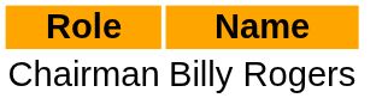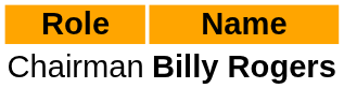 <table class="toccolours">
 <tr>
 <th style="background:orange;">Role</th>
 <th style="background:orange;">Name</th>
 </tr>
 <tr>
 <td>Chairman</td>
-<td> Billy Rogers</td>
+<td><strong> Billy Rogers</strong></td>
 </tr>
 </table>
